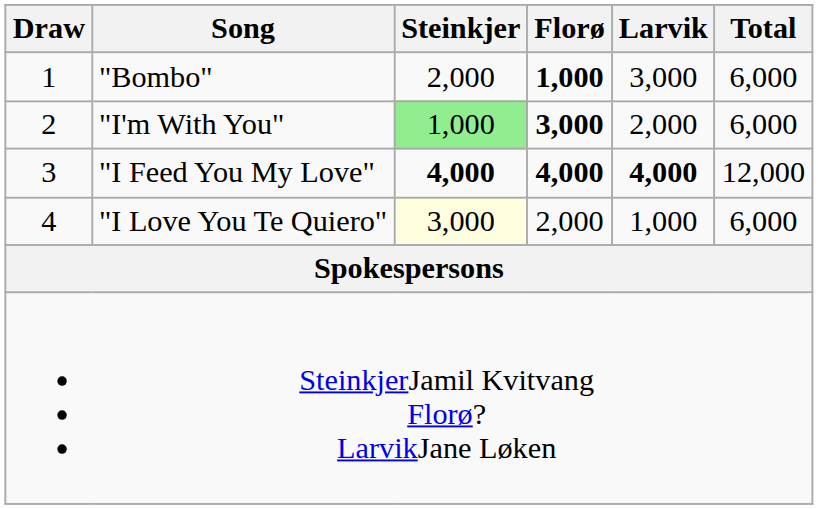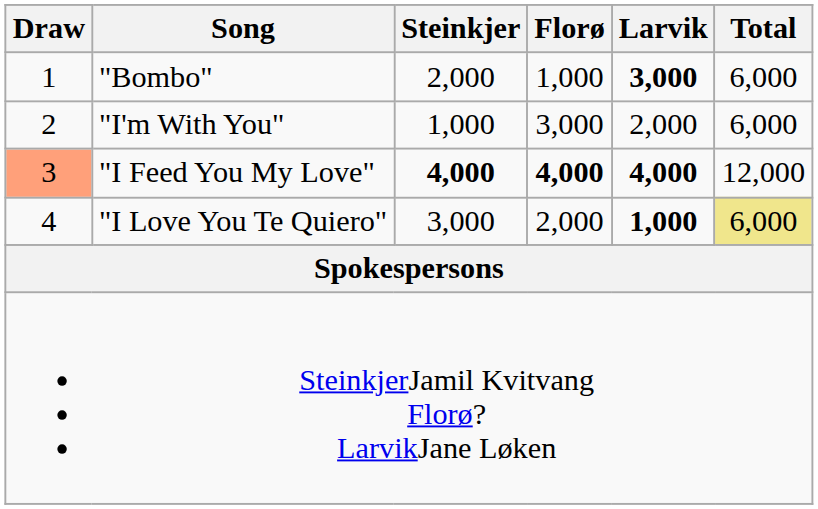 <table class="wikitable collapsible" style="margin: 1em auto 1em auto; text-align:center;">
 <tr>
 <th>Draw</th>
 <th>Song</th>
 <th>Steinkjer</th>
 <th>Florø</th>
 <th>Larvik</th>
 <th>Total</th>
 </tr>
 <tr>
 <td>1</td>
 <td align=left>"Bombo"</td>
 <td>2,000</td>
-<td><strong>1,000</strong></td>
-<td>3,000</td>
+<td>1,000</td>
+<td><strong>3,000</strong></td>
 <td>6,000</td>
 </tr>
 <tr>
 <td>2</td>
 <td align=left>"I'm With You"</td>
-<td style="background: lightgreen;">1,000</td>
-<td><strong>3,000</strong></td>
+<td>1,000</td>
+<td>3,000</td>
 <td>2,000</td>
 <td>6,000</td>
 </tr>
 <tr>
-<td>3</td>
+<td style="background: lightsalmon;">3</td>
 <td align=left>"I Feed You My Love"</td>
 <td><strong>4,000</strong></td>
 <td><strong>4,000</strong></td>
 <td><strong>4,000</strong></td>
 <td>12,000</td>
 </tr>
 <tr>
 <td>4</td>
 <td align=left>"I Love You Te Quiero"</td>
-<td style="background: lightyellow;">3,000</td>
+<td>3,000</td>
 <td>2,000</td>
-<td>1,000</td>
-<td>6,000</td>
+<td><strong>1,000</strong></td>
+<td style="background: khaki;">6,000</td>
 </tr>
 <tr>
 <th colspan="6">Spokespersons</th>
 </tr>
 <tr>
 <td colspan="6"><br><ul><li><a href='#'>Steinkjer</a>Jamil Kvitvang</li><li><a href='#'>Florø</a>?</li><li><a href='#'>Larvik</a>Jane Løken</li></ul></td>
 </tr>
 </table>
